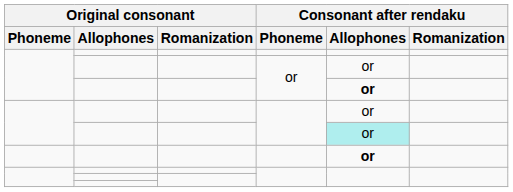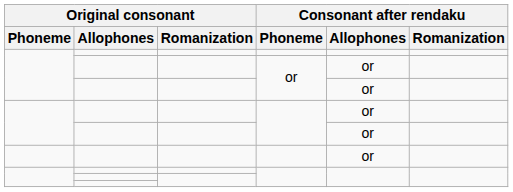 <table class="wikitable" style="text-align: center">
 <tr>
 <th colspan="3">Original consonant</th>
 <th colspan="3">Consonant after rendaku</th>
 </tr>
 <tr>
 <th>Phoneme</th>
 <th>Allophones</th>
 <th>Romanization</th>
 <th>Phoneme</th>
 <th>Allophones</th>
 <th>Romanization</th>
 </tr>
 <tr>
 <td rowspan="3"></td>
 <td></td>
 <td></td>
 <td></td>
 <td></td>
 <td></td>
 </tr>
 <tr>
 <td></td>
 <td></td>
 <td rowspan="2"> or </td>
 <td> or </td>
 <td></td>
 </tr>
 <tr>
 <td></td>
 <td></td>
-<td><strong> or </strong></td>
+<td> or </td>
 <td></td>
 </tr>
 <tr>
 <td rowspan="2"></td>
 <td></td>
 <td></td>
 <td rowspan="2"></td>
 <td> or </td>
 <td></td>
 </tr>
 <tr>
 <td></td>
 <td></td>
-<td style="background: paleturquoise;"> or </td>
+<td> or </td>
 <td></td>
 </tr>
 <tr>
 <td></td>
 <td></td>
 <td></td>
 <td></td>
-<td><strong> or </strong></td>
+<td> or </td>
 <td></td>
 </tr>
 <tr>
 <td rowspan="3"></td>
 <td></td>
 <td></td>
 <td rowspan="3"></td>
 <td rowspan="3"></td>
 <td rowspan="3"></td>
 </tr>
 <tr>
 <td></td>
 <td rowspan="2"></td>
 </tr>
 <tr>
 <td></td>
 </tr>
 </table>
